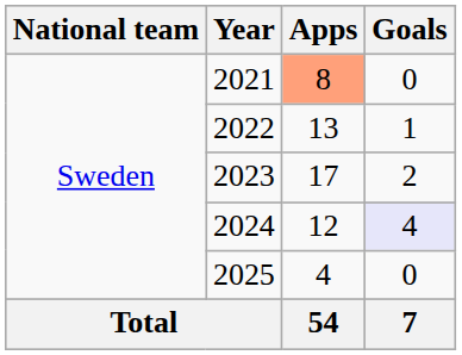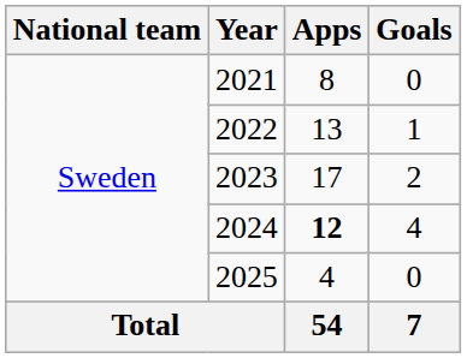 <table class="wikitable" style="text-align:center">
 <tr>
 <th>National team</th>
 <th>Year</th>
 <th>Apps</th>
 <th>Goals</th>
 </tr>
 <tr>
 <td rowspan="5"><a href='#'>Sweden</a></td>
 <td>2021</td>
-<td style="background: lightsalmon;">8</td>
+<td>8</td>
 <td>0</td>
 </tr>
 <tr>
 <td>2022</td>
 <td>13</td>
 <td>1</td>
 </tr>
 <tr>
 <td>2023</td>
 <td>17</td>
 <td>2</td>
 </tr>
 <tr>
 <td>2024</td>
-<td>12</td>
-<td style="background: lavender;">4</td>
+<td><strong>12</strong></td>
+<td>4</td>
 </tr>
 <tr>
 <td>2025</td>
 <td>4</td>
 <td>0</td>
 </tr>
 <tr>
 <th colspan="2">Total</th>
 <th>54</th>
 <th>7</th>
 </tr>
 </table>
